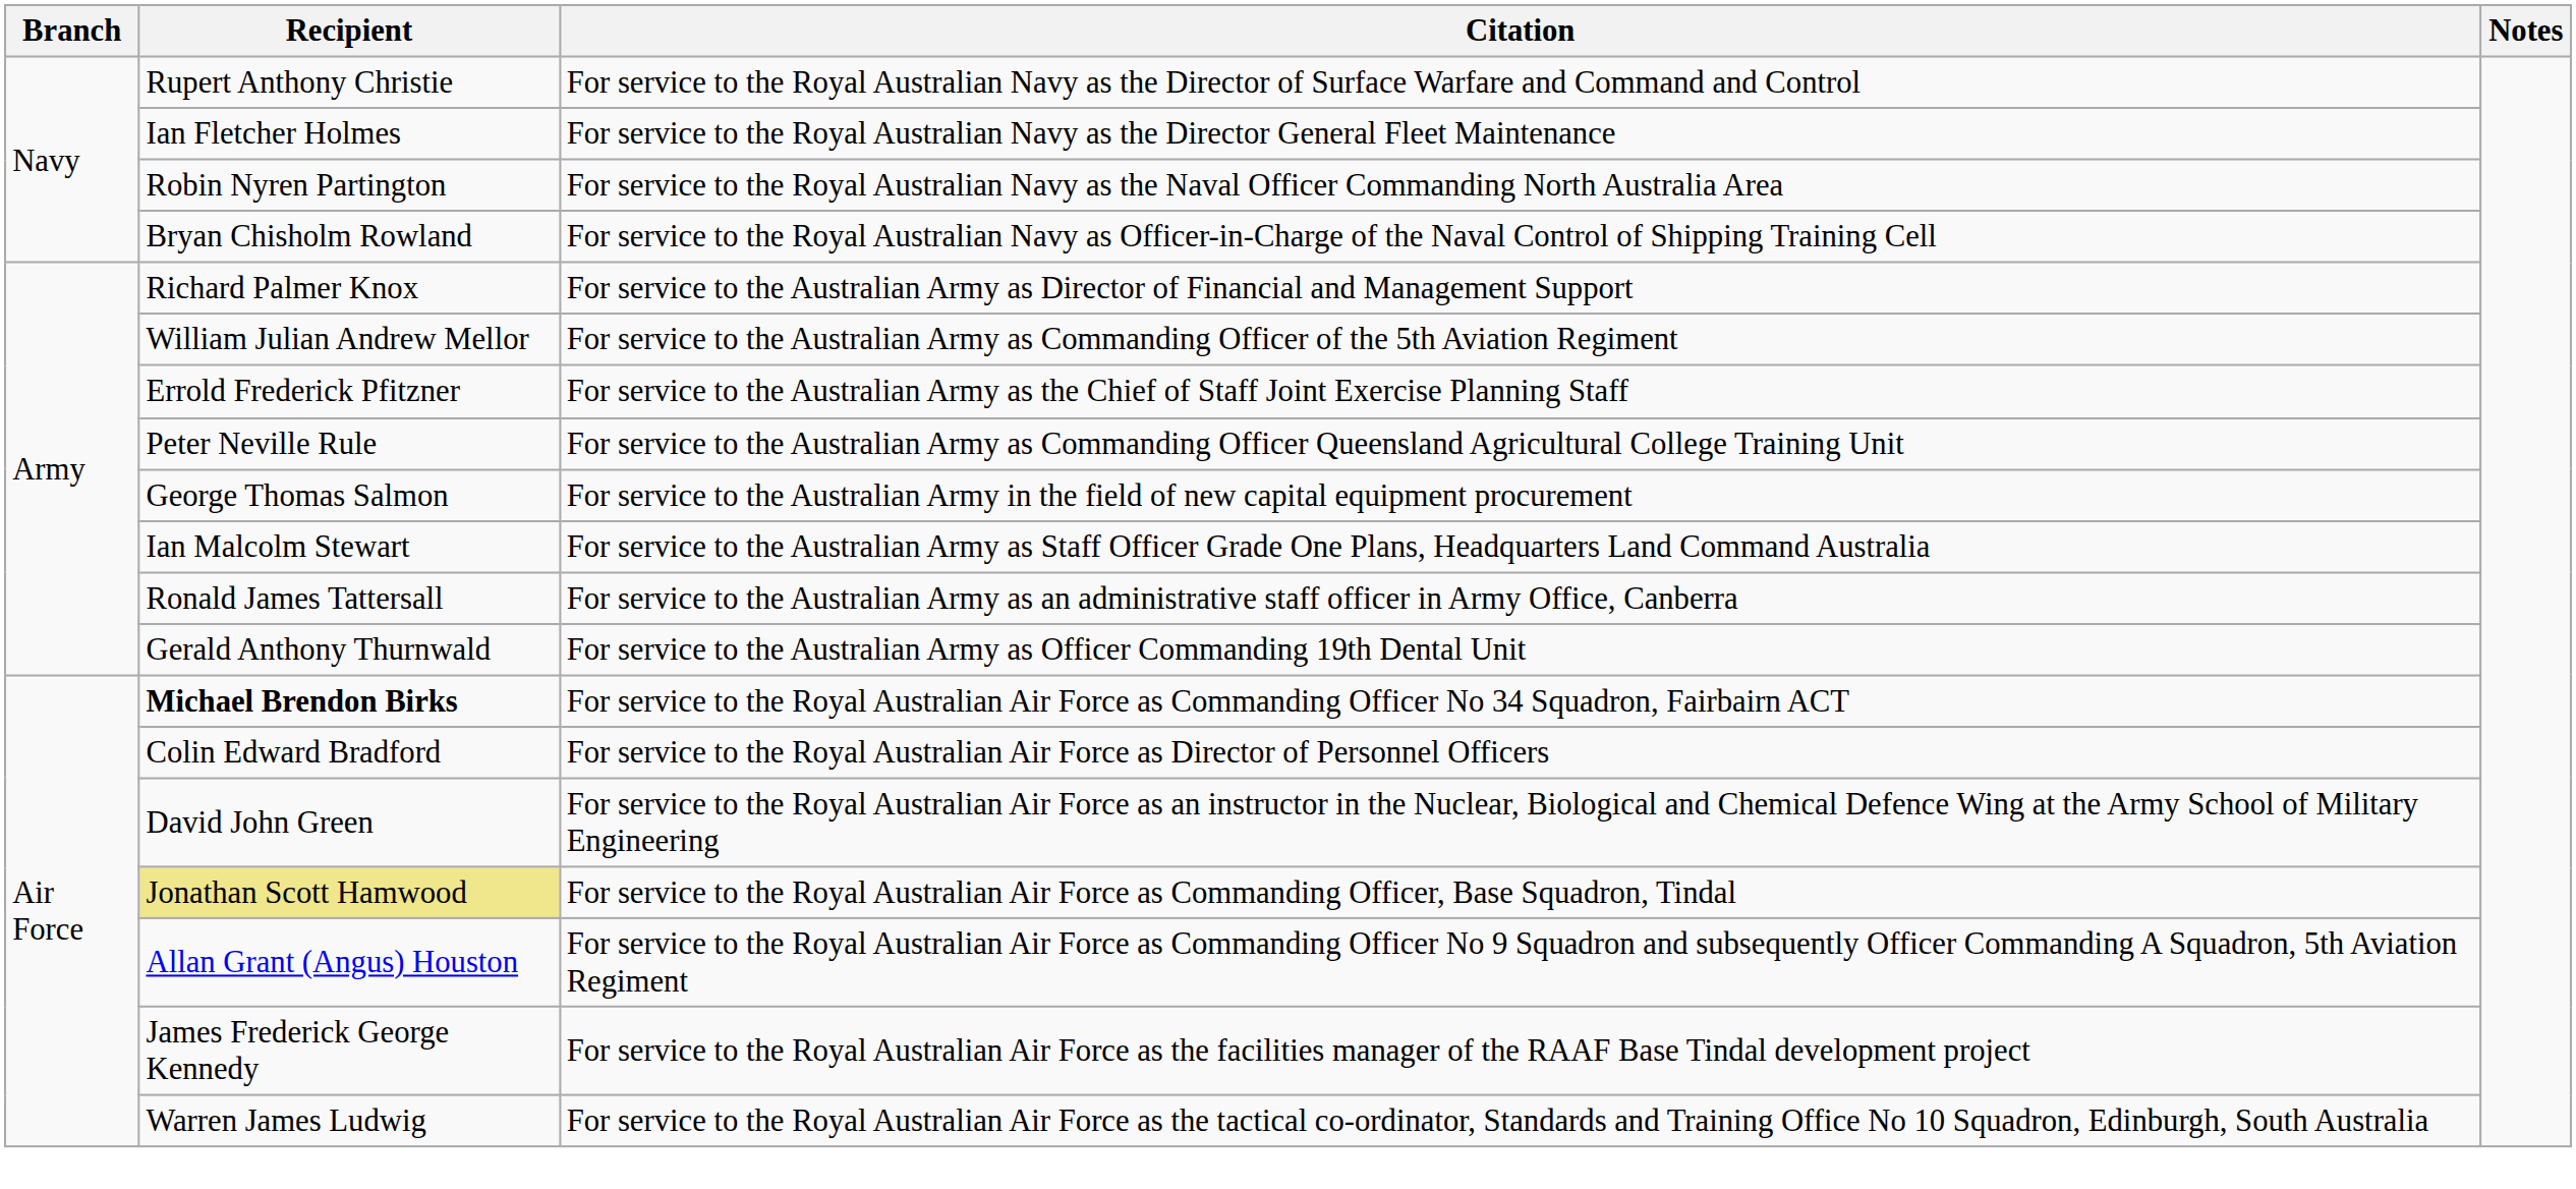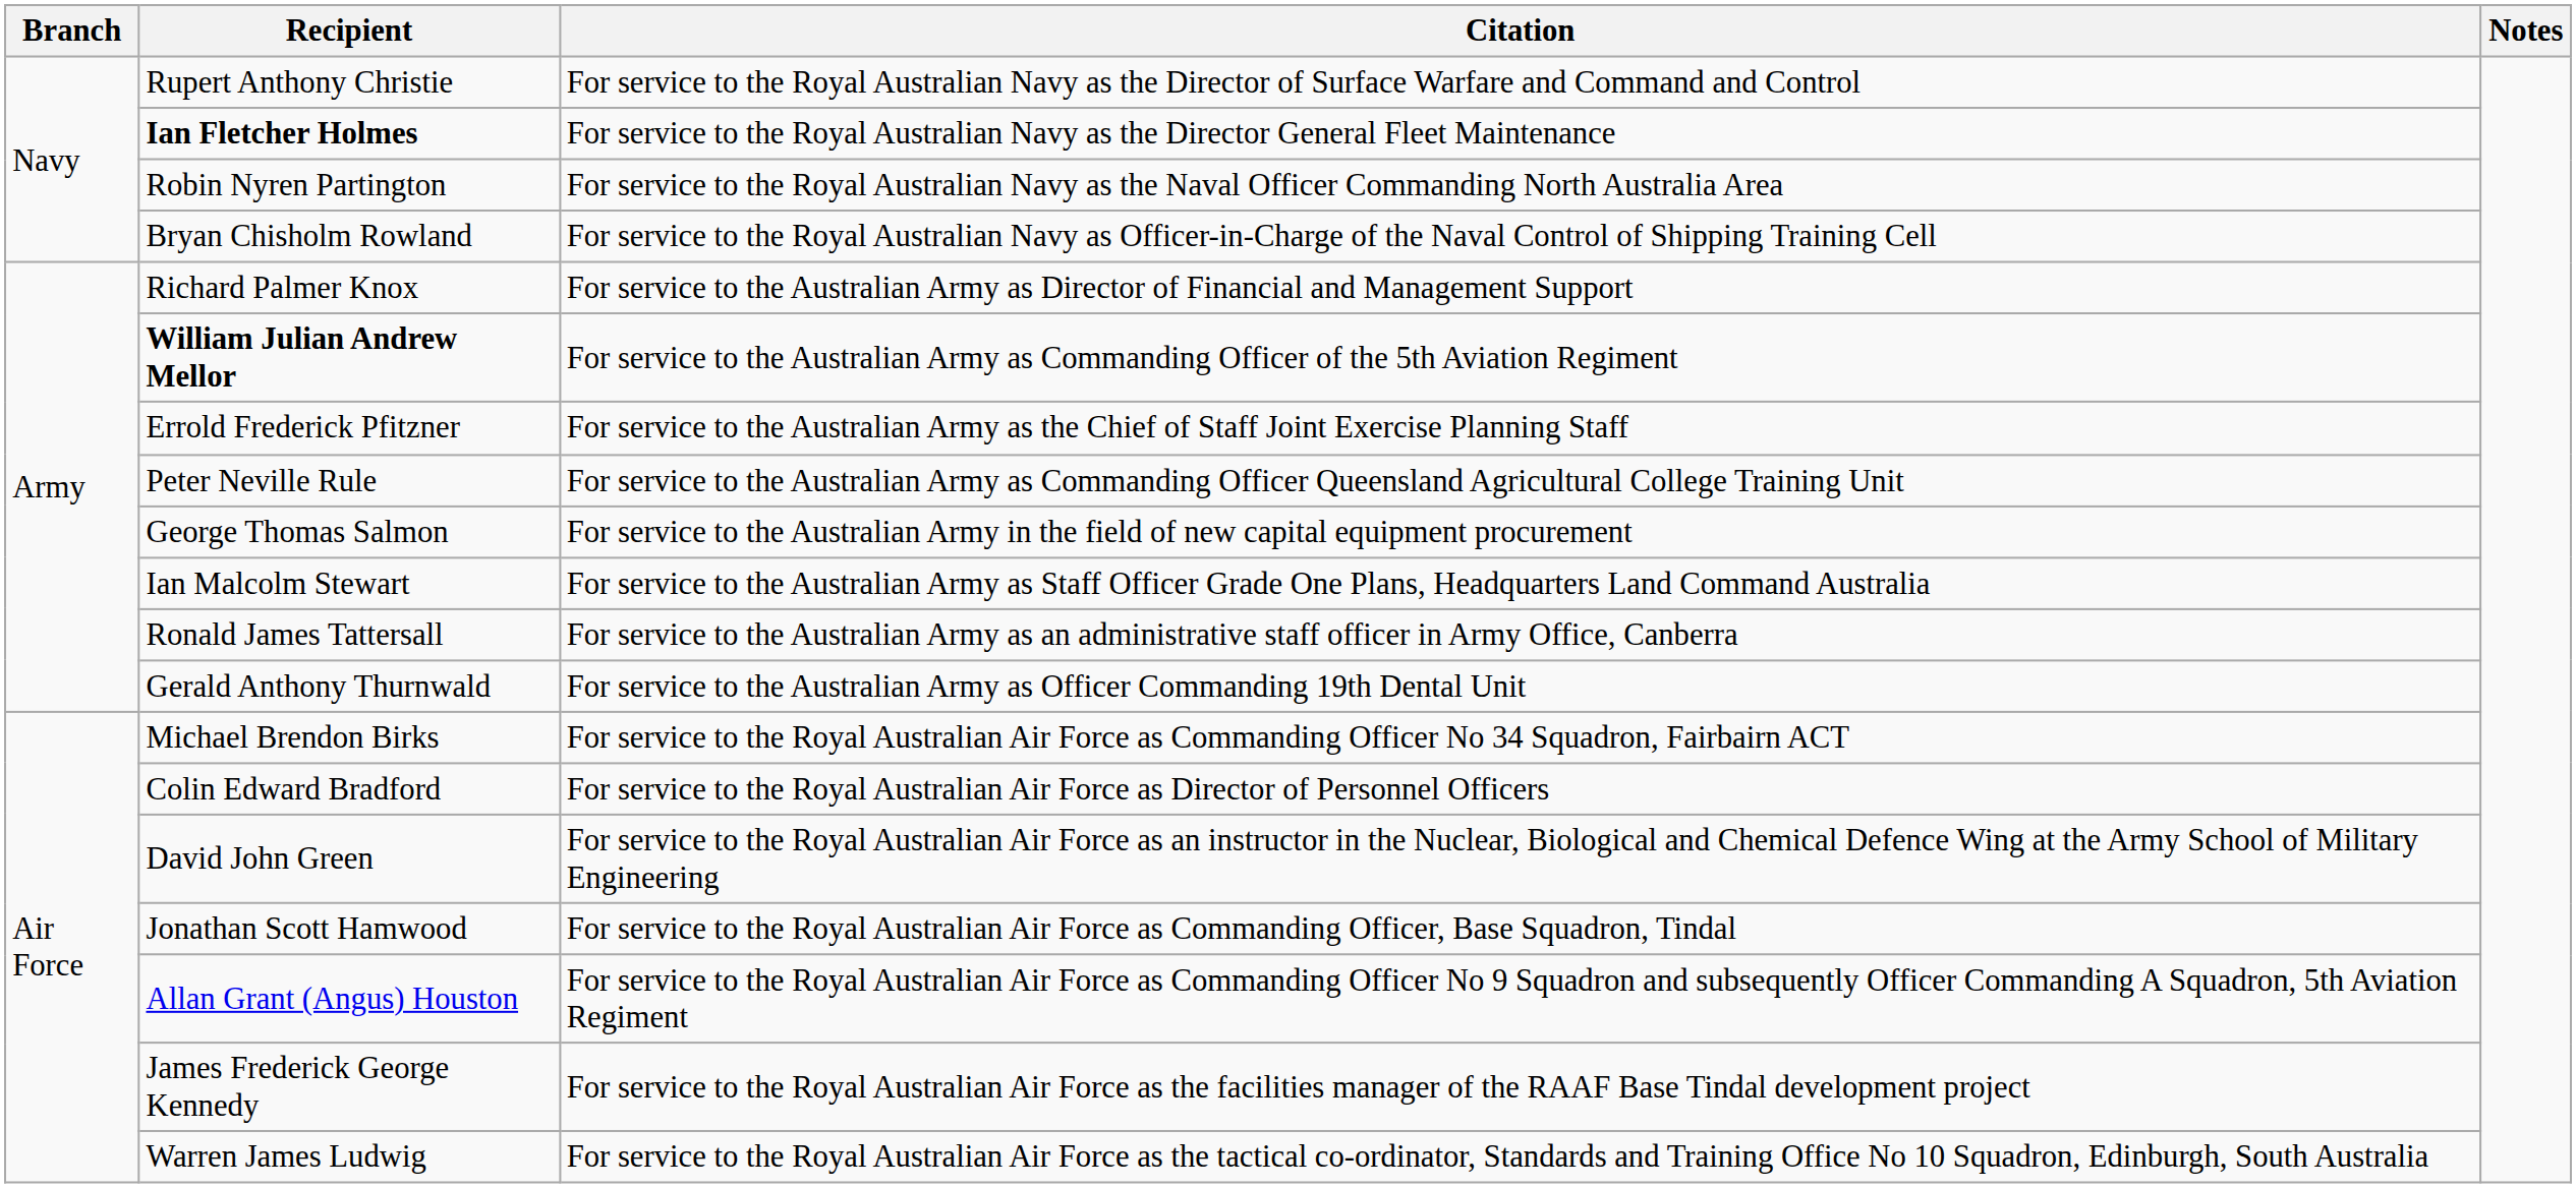 <table class="wikitable" style="font-size:95%;">
 <tr>
 <th>Branch</th>
 <th>Recipient</th>
 <th>Citation</th>
 <th>Notes</th>
 </tr>
 <tr>
 <td rowspan=4>Navy</td>
 <td> Rupert Anthony Christie </td>
 <td>For service to the Royal Australian Navy as the Director of Surface Warfare and Command and Control</td>
 <td rowspan=19></td>
 </tr>
 <tr>
-<td> Ian Fletcher Holmes </td>
+<td><strong> Ian Fletcher Holmes </strong></td>
 <td>For service to the Royal Australian Navy as the Director General Fleet Maintenance</td>
 </tr>
 <tr>
 <td> Robin Nyren Partington </td>
 <td>For service to the Royal Australian Navy as the Naval Officer Commanding North Australia Area</td>
 </tr>
 <tr>
 <td> Bryan Chisholm Rowland </td>
 <td>For service to the Royal Australian Navy as Officer-in-Charge of the Naval Control of Shipping Training Cell</td>
 </tr>
 <tr>
 <td rowspan=8>Army</td>
 <td> Richard Palmer Knox</td>
 <td>For service to the Australian Army as Director of Financial and Management Support</td>
 </tr>
 <tr>
-<td> William Julian Andrew Mellor</td>
+<td><strong> William Julian Andrew Mellor</strong></td>
 <td>For service to the Australian Army as Commanding Officer of the 5th Aviation Regiment</td>
 </tr>
 <tr>
 <td> Errold Frederick Pfitzner</td>
 <td>For service to the Australian Army as the Chief of Staff Joint Exercise Planning Staff</td>
 </tr>
 <tr>
 <td> Peter Neville Rule </td>
 <td>For service to the Australian Army as Commanding Officer Queensland Agricultural College Training Unit</td>
 </tr>
 <tr>
 <td> George Thomas Salmon</td>
 <td>For service to the Australian Army in the field of new capital equipment procurement</td>
 </tr>
 <tr>
 <td> Ian Malcolm Stewart</td>
 <td>For service to the Australian Army as Staff Officer Grade One Plans, Headquarters Land Command Australia</td>
 </tr>
 <tr>
 <td> Ronald James Tattersall</td>
 <td>For service to the Australian Army as an administrative staff officer in Army Office, Canberra</td>
 </tr>
 <tr>
 <td> Gerald Anthony Thurnwald</td>
 <td>For service to the Australian Army as Officer Commanding 19th Dental Unit</td>
 </tr>
 <tr>
 <td rowspan=7>Air Force</td>
-<td><strong> Michael Brendon Birks</strong></td>
+<td> Michael Brendon Birks</td>
 <td>For service to the Royal Australian Air Force as Commanding Officer No 34 Squadron, Fairbairn ACT</td>
 </tr>
 <tr>
 <td> Colin Edward Bradford</td>
 <td>For service to the Royal Australian Air Force as Director of Personnel Officers</td>
 </tr>
 <tr>
 <td> David John Green</td>
 <td>For service to the Royal Australian Air Force as an instructor in the Nuclear, Biological and Chemical Defence Wing at the Army School of Military Engineering</td>
 </tr>
 <tr>
-<td style="background: khaki;"> Jonathan Scott Hamwood</td>
+<td> Jonathan Scott Hamwood</td>
 <td>For service to the Royal Australian Air Force as Commanding Officer, Base Squadron, Tindal</td>
 </tr>
 <tr>
 <td> <a href='#'>Allan Grant (Angus) Houston</a></td>
 <td>For service to the Royal Australian Air Force as Commanding Officer No 9 Squadron and subsequently Officer Commanding A Squadron, 5th Aviation Regiment</td>
 </tr>
 <tr>
 <td> James Frederick George Kennedy</td>
 <td>For service to the Royal Australian Air Force as the facilities manager of the RAAF Base Tindal development project</td>
 </tr>
 <tr>
 <td> Warren James Ludwig</td>
 <td>For service to the Royal Australian Air Force as the tactical co-ordinator, Standards and Training Office No 10 Squadron, Edinburgh, South Australia</td>
 </tr>
 </table>
